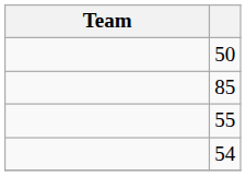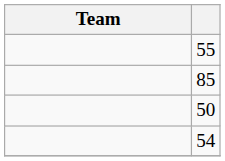 <table class="wikitable" style="white-space:nowrap; display:inline-table;">
 <tr>
 <th style="width:150px">Team</th>
 <th></th>
 </tr>
 <tr>
-<td><br></td>
-<td style="text-align:center">50</td>
+<td></td>
+<td style="text-align:center">55</td>
 </tr>
 <tr>
 <td></td>
 <td style="text-align:center">85</td>
 </tr>
 <tr>
-<td></td>
-<td style="text-align:center">55</td>
+<td><br></td>
+<td style="text-align:center">50</td>
 </tr>
 <tr>
 <td></td>
 <td style="text-align:center">54</td>
 </tr>
 <tr>
 </tr>
 </table>
